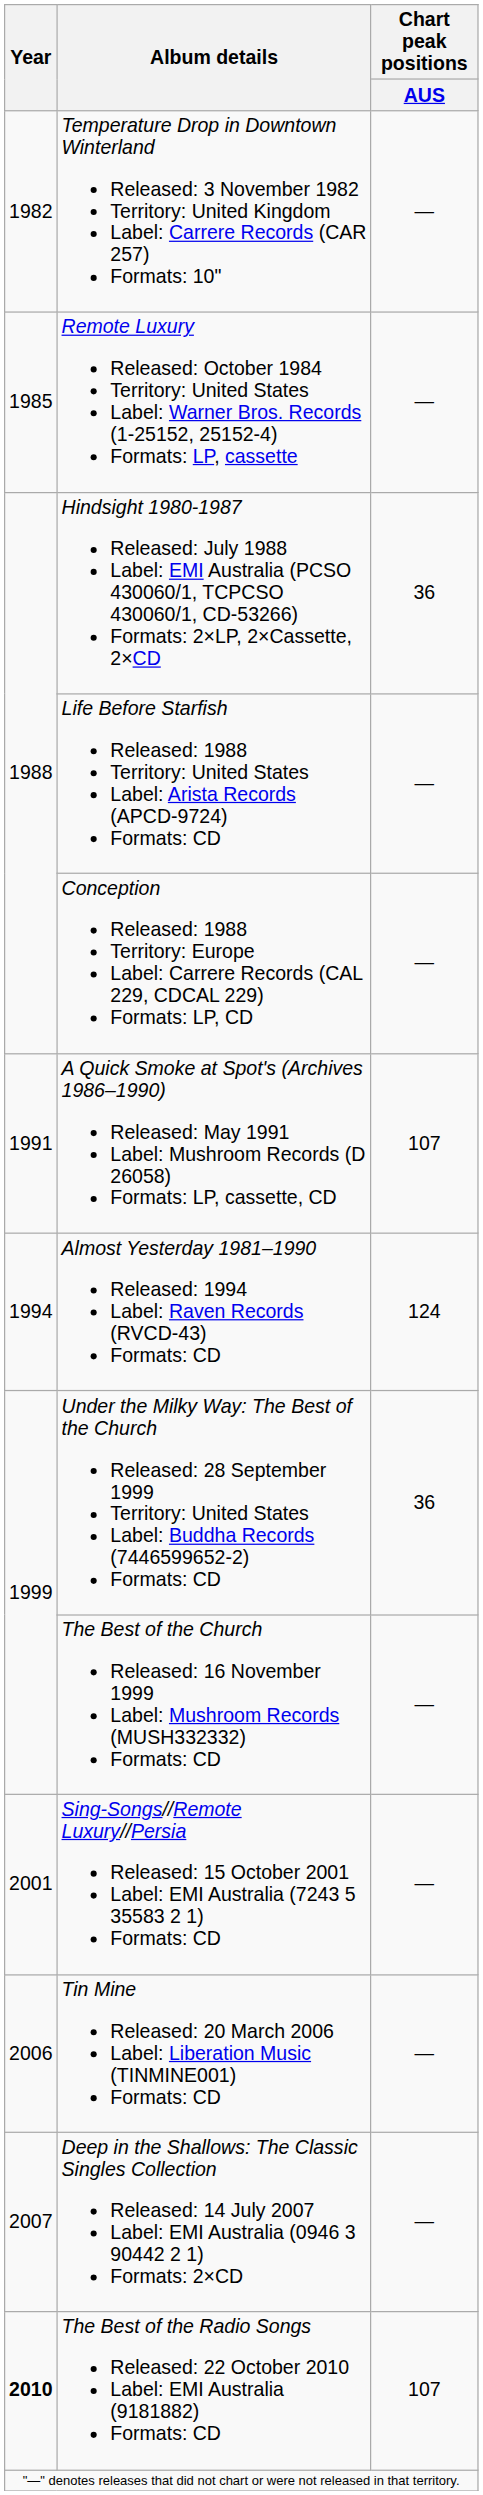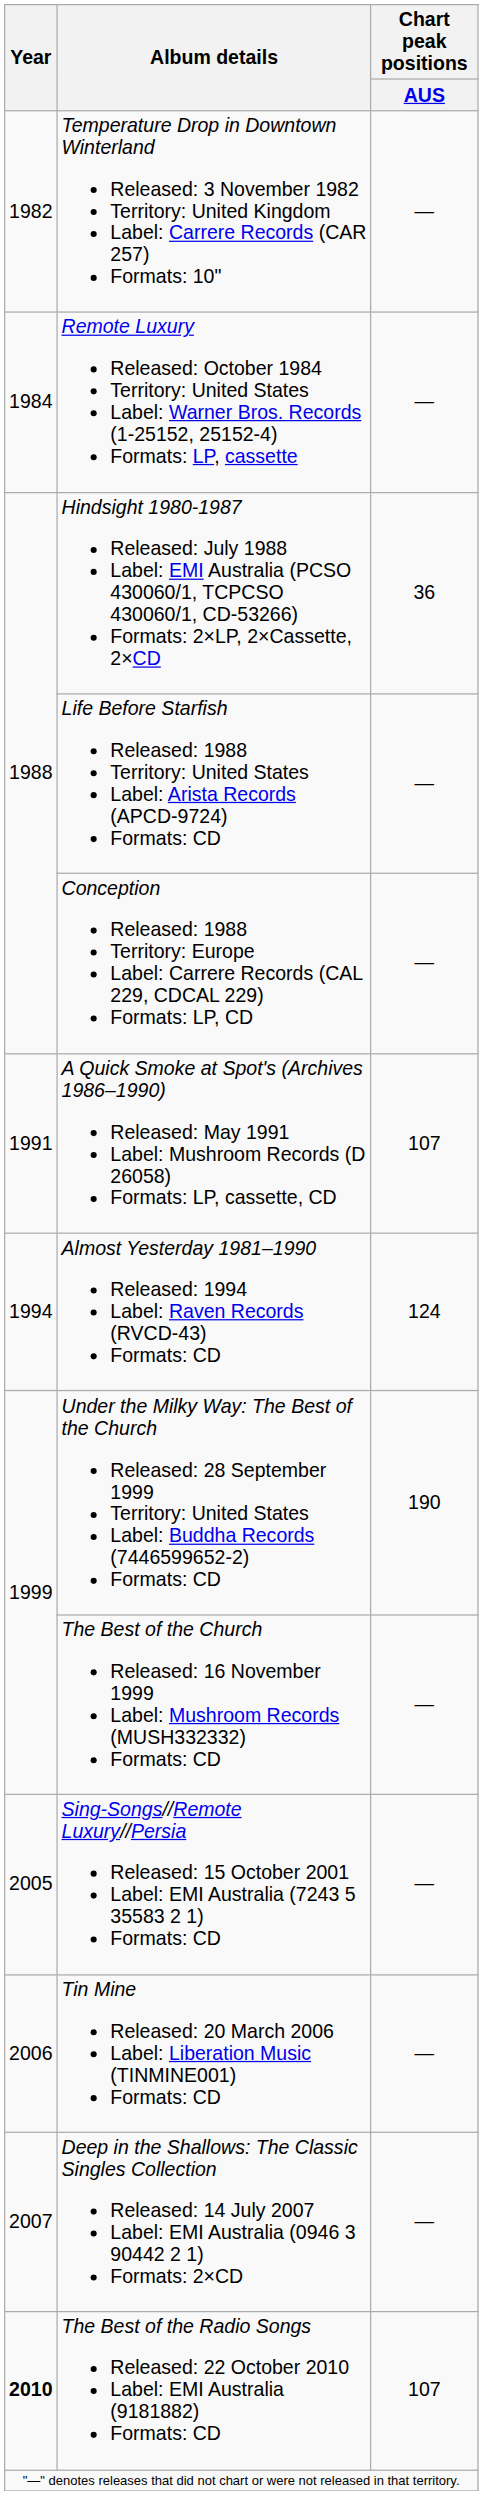 <table class="wikitable">
 <tr>
 <th rowspan="2" style="width:35px;">Year</th>
 <th style="width:250px;" rowspan="2">Album details</th>
 <th style="width:80px;">Chart peak positions</th>
 </tr>
 <tr>
 <th style="width:30px;"><a href='#'>AUS</a><br></th>
 </tr>
 <tr>
 <td>1982</td>
 <td><em>Temperature Drop in Downtown Winterland</em><br><ul><li>Released: 3 November 1982</li><li>Territory: United Kingdom</li><li>Label: <a href='#'>Carrere Records</a> (CAR 257)</li><li>Formats: 10"</li></ul></td>
 <td style="text-align:center;">—</td>
 </tr>
 <tr>
-<td style="text-align:center;">1985</td>
+<td style="text-align:center;">1984</td>
 <td><em><a href='#'>Remote Luxury</a></em><br><ul><li>Released: October 1984</li><li>Territory: United States</li><li>Label: <a href='#'>Warner Bros. Records</a> (1-25152, 25152-4)</li><li>Formats: <a href='#'>LP</a>, <a href='#'>cassette</a></li></ul></td>
 <td style="text-align:center;">—</td>
 </tr>
 <tr>
 <td style="text-align:center;" rowspan="3">1988</td>
 <td><em>Hindsight 1980-1987</em><br><ul><li>Released: July 1988</li><li>Label: <a href='#'>EMI</a> Australia (PCSO 430060/1, TCPCSO 430060/1, CD-53266)</li><li>Formats: 2×LP, 2×Cassette, 2×<a href='#'>CD</a></li></ul></td>
 <td style="text-align:center;">36</td>
 </tr>
 <tr>
 <td><em>Life Before Starfish</em><br><ul><li>Released: 1988</li><li>Territory: United States</li><li>Label: <a href='#'>Arista Records</a> (APCD-9724)</li><li>Formats: CD</li></ul></td>
 <td style="text-align:center;">—</td>
 </tr>
 <tr>
 <td><em>Conception</em><br><ul><li>Released: 1988</li><li>Territory: Europe</li><li>Label: Carrere Records (CAL 229, CDCAL 229)</li><li>Formats: LP, CD</li></ul></td>
 <td style="text-align:center;">—</td>
 </tr>
 <tr>
 <td style="text-align:center;">1991</td>
 <td><em>A Quick Smoke at Spot's (Archives 1986–1990)</em><br><ul><li>Released: May 1991</li><li>Label: Mushroom Records (D 26058)</li><li>Formats: LP, cassette, CD</li></ul></td>
 <td style="text-align:center;">107</td>
 </tr>
 <tr>
 <td style="text-align:center;">1994</td>
 <td><em>Almost Yesterday 1981–1990</em><br><ul><li>Released: 1994</li><li>Label: <a href='#'>Raven Records</a> (RVCD-43)</li><li>Formats: CD</li></ul></td>
 <td style="text-align:center;">124</td>
 </tr>
 <tr>
 <td style="text-align:center;" rowspan="2">1999</td>
 <td><em>Under the Milky Way: The Best of the Church</em><br><ul><li>Released: 28 September 1999</li><li>Territory: United States</li><li>Label: <a href='#'>Buddha Records</a> (7446599652-2)</li><li>Formats: CD</li></ul></td>
-<td style="text-align:center;">36</td>
+<td style="text-align:center;">190</td>
 </tr>
 <tr>
 <td><em>The Best of the Church</em><br><ul><li>Released: 16 November 1999</li><li>Label: <a href='#'>Mushroom Records</a> (MUSH332332)</li><li>Formats: CD</li></ul></td>
 <td style="text-align:center;">—</td>
 </tr>
 <tr>
-<td style="text-align:center;">2001</td>
+<td style="text-align:center;">2005</td>
 <td><em><a href='#'>Sing-Songs</a>//<a href='#'>Remote Luxury</a>//<a href='#'>Persia</a></em><br><ul><li>Released: 15 October 2001</li><li>Label: EMI Australia (7243 5 35583 2 1)</li><li>Formats: CD</li></ul></td>
 <td style="text-align:center;">—</td>
 </tr>
 <tr>
 <td style="text-align:center;">2006</td>
 <td><em>Tin Mine</em><br><ul><li>Released: 20 March 2006</li><li>Label: <a href='#'>Liberation Music</a> (TINMINE001)</li><li>Formats: CD</li></ul></td>
 <td style="text-align:center;">—</td>
 </tr>
 <tr>
 <td style="text-align:center;">2007</td>
 <td><em>Deep in the Shallows: The Classic Singles Collection</em><br><ul><li>Released: 14 July 2007</li><li>Label: EMI Australia (0946 3 90442 2 1)</li><li>Formats: 2×CD</li></ul></td>
 <td style="text-align:center;">—</td>
 </tr>
 <tr>
 <td style="text-align:center;"><strong>2010</strong></td>
 <td><em>The Best of the Radio Songs</em><br><ul><li>Released: 22 October 2010</li><li>Label: EMI Australia (9181882)</li><li>Formats: CD</li></ul></td>
 <td style="text-align:center;">107</td>
 </tr>
 <tr>
 <td colspan="4" style="text-align:center; font-size:8pt;">"—" denotes releases that did not chart or were not released in that territory.</td>
 </tr>
 </table>
